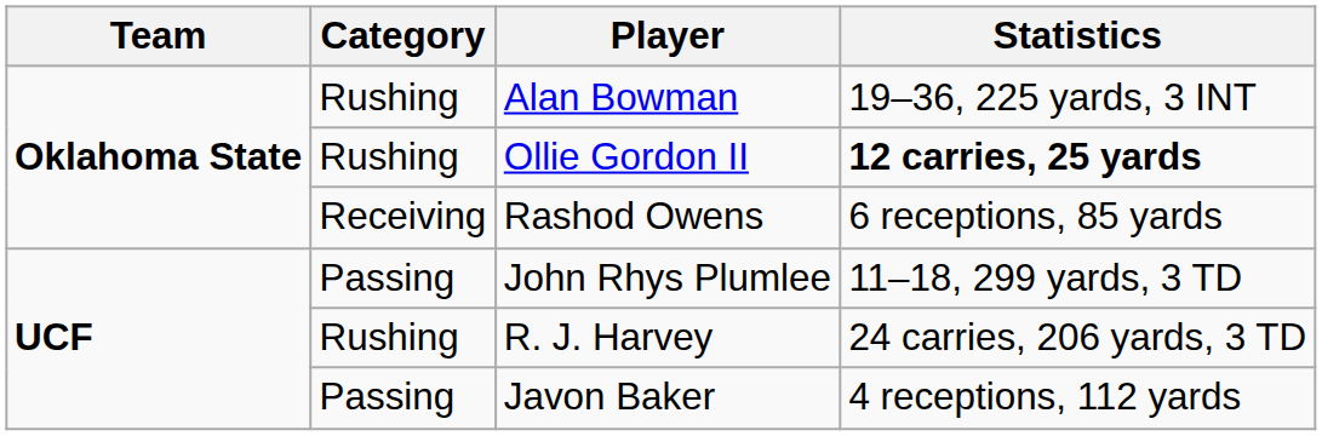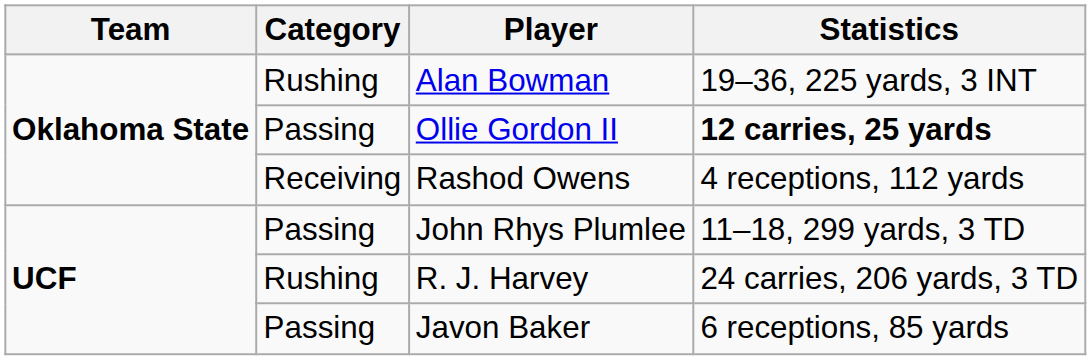 <table class="wikitable" style="float: right;">
 <tr>
 <th>Team</th>
 <th>Category</th>
 <th>Player</th>
 <th>Statistics</th>
 </tr>
 <tr>
 <td rowspan=3><strong>Oklahoma State</strong></td>
 <td>Rushing</td>
 <td><a href='#'>Alan Bowman</a></td>
 <td>19–36, 225 yards, 3 INT</td>
 </tr>
 <tr>
-<td>Rushing</td>
+<td>Passing</td>
 <td><a href='#'>Ollie Gordon II</a></td>
 <td><strong>12 carries, 25 yards</strong></td>
 </tr>
 <tr>
 <td>Receiving</td>
 <td>Rashod Owens</td>
-<td>6 receptions, 85 yards</td>
+<td>4 receptions, 112 yards</td>
 </tr>
 <tr>
 <td rowspan=3><strong>UCF</strong></td>
 <td>Passing</td>
 <td>John Rhys Plumlee</td>
 <td>11–18, 299 yards, 3 TD</td>
 </tr>
 <tr>
 <td>Rushing</td>
 <td>R. J. Harvey</td>
 <td>24 carries, 206 yards, 3 TD</td>
 </tr>
 <tr>
 <td>Passing</td>
 <td>Javon Baker</td>
-<td>4 receptions, 112 yards</td>
+<td>6 receptions, 85 yards</td>
 </tr>
 </table>
